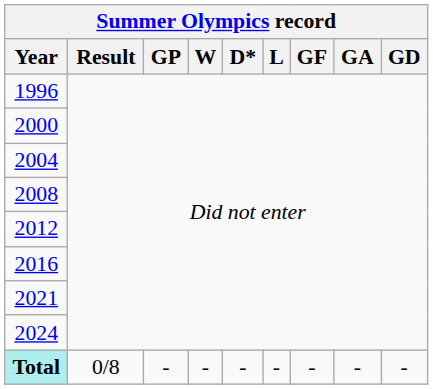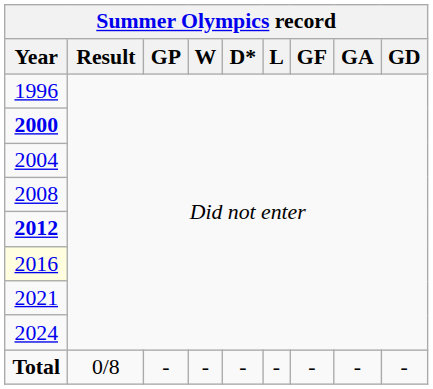 <table class="wikitable" style="text-align: center; width:50%;">
 <tr>
 <th colspan=10><a href='#'>Summer Olympics</a> record</th>
 </tr>
 <tr>
 <th>Year</th>
 <th>Result</th>
 <th>GP</th>
 <th>W</th>
 <th>D*</th>
 <th>L</th>
 <th>GF</th>
 <th>GA</th>
 <th>GD</th>
 </tr>
 <tr>
 <td> <a href='#'>1996</a></td>
 <td colspan=8 rowspan=8><em>Did not enter</em></td>
 </tr>
 <tr>
-<td> <a href='#'>2000</a></td>
+<td><strong> <a href='#'>2000</a></strong></td>
 </tr>
 <tr>
 <td> <a href='#'>2004</a></td>
 </tr>
 <tr>
 <td> <a href='#'>2008</a></td>
 </tr>
 <tr>
-<td> <a href='#'>2012</a></td>
+<td><strong> <a href='#'>2012</a></strong></td>
 </tr>
 <tr>
-<td> <a href='#'>2016</a></td>
+<td style="background: lightyellow;"> <a href='#'>2016</a></td>
 </tr>
 <tr>
 <td> <a href='#'>2021</a></td>
 </tr>
 <tr>
 <td> <a href='#'>2024</a></td>
 </tr>
 <tr>
-<td style="background: paleturquoise;"><strong>Total</strong></td>
+<td><strong>Total</strong></td>
 <td>0/8</td>
 <td>-</td>
 <td>-</td>
 <td>-</td>
 <td>-</td>
 <td>-</td>
 <td>-</td>
 <td>-</td>
 </tr>
 </table>
